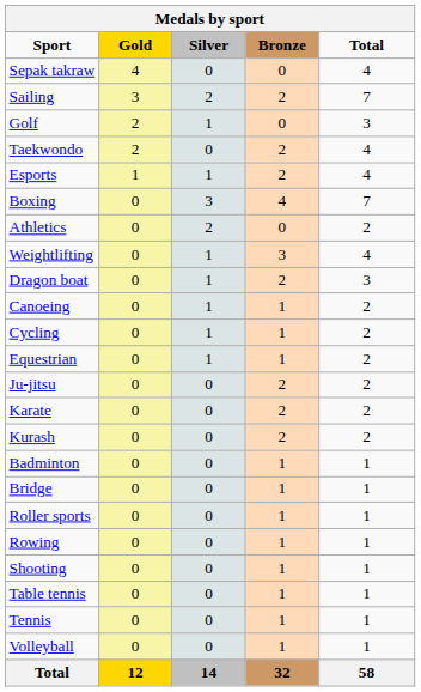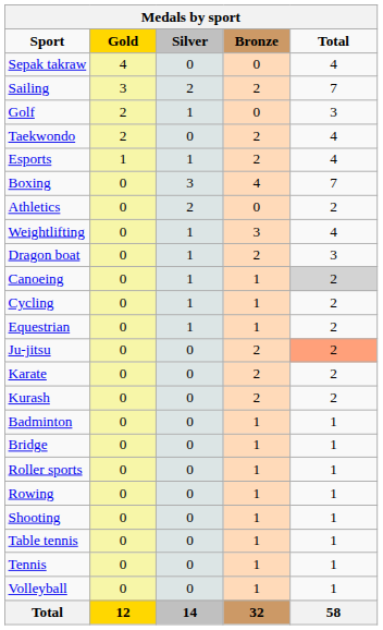 <table class="wikitable" style="font-size:90%; text-align:center;">
 <tr style="background:#efefef;">
 <th colspan=5>Medals by sport</th>
 </tr>
 <tr>
 <td><strong>Sport</strong></td>
 <td width=60 style="background:gold;"><strong>Gold </strong></td>
 <td width=60 style="background:silver;"><strong>Silver </strong></td>
 <td width=60 style="background:#c96;"><strong>Bronze </strong></td>
 <td width=80><strong>Total</strong></td>
 </tr>
 <tr>
 <td align=left> <a href='#'>Sepak takraw</a></td>
 <td style="background:#F7F6A8;">4</td>
 <td style="background:#DCE5E5;">0</td>
 <td style="background:#FFDAB9;">0</td>
 <td>4</td>
 </tr>
 <tr>
 <td align=left> <a href='#'>Sailing</a></td>
 <td style="background:#F7F6A8;">3</td>
 <td style="background:#DCE5E5;">2</td>
 <td style="background:#FFDAB9;">2</td>
 <td>7</td>
 </tr>
 <tr>
 <td align=left> <a href='#'>Golf</a></td>
 <td style="background:#F7F6A8;">2</td>
 <td style="background:#DCE5E5;">1</td>
 <td style="background:#FFDAB9;">0</td>
 <td>3</td>
 </tr>
 <tr>
 <td align=left> <a href='#'>Taekwondo</a></td>
 <td style="background:#F7F6A8;">2</td>
 <td style="background:#DCE5E5;">0</td>
 <td style="background:#FFDAB9;">2</td>
 <td>4</td>
 </tr>
 <tr>
 <td align=left> <a href='#'>Esports</a></td>
 <td style="background:#F7F6A8;">1</td>
 <td style="background:#DCE5E5;">1</td>
 <td style="background:#FFDAB9;">2</td>
 <td>4</td>
 </tr>
 <tr>
 <td align=left> <a href='#'>Boxing</a></td>
 <td style="background:#F7F6A8;">0</td>
 <td style="background:#DCE5E5;">3</td>
 <td style="background:#FFDAB9;">4</td>
 <td>7</td>
 </tr>
 <tr>
 <td align=left> <a href='#'>Athletics</a></td>
 <td style="background:#F7F6A8;">0</td>
 <td style="background:#DCE5E5;">2</td>
 <td style="background:#FFDAB9;">0</td>
 <td>2</td>
 </tr>
 <tr>
 <td align=left> <a href='#'>Weightlifting</a></td>
 <td style="background:#F7F6A8;">0</td>
 <td style="background:#DCE5E5;">1</td>
 <td style="background:#FFDAB9;">3</td>
 <td>4</td>
 </tr>
 <tr>
 <td align=left> <a href='#'>Dragon boat</a></td>
 <td style="background:#F7F6A8;">0</td>
 <td style="background:#DCE5E5;">1</td>
 <td style="background:#FFDAB9;">2</td>
 <td>3</td>
 </tr>
 <tr>
 <td align=left> <a href='#'>Canoeing</a></td>
 <td style="background:#F7F6A8;">0</td>
 <td style="background:#DCE5E5;">1</td>
 <td style="background:#FFDAB9;">1</td>
-<td>2</td>
+<td style="background: lightgrey;">2</td>
 </tr>
 <tr>
 <td align=left> <a href='#'>Cycling</a></td>
 <td style="background:#F7F6A8;">0</td>
 <td style="background:#DCE5E5;">1</td>
 <td style="background:#FFDAB9;">1</td>
 <td>2</td>
 </tr>
 <tr>
 <td align=left> <a href='#'>Equestrian</a></td>
 <td style="background:#F7F6A8;">0</td>
 <td style="background:#DCE5E5;">1</td>
 <td style="background:#FFDAB9;">1</td>
 <td>2</td>
 </tr>
 <tr>
 <td align=left> <a href='#'>Ju-jitsu</a></td>
 <td style="background:#F7F6A8;">0</td>
 <td style="background:#DCE5E5;">0</td>
 <td style="background:#FFDAB9;">2</td>
-<td>2</td>
+<td style="background: lightsalmon;">2</td>
 </tr>
 <tr>
 <td align=left> <a href='#'>Karate</a></td>
 <td style="background:#F7F6A8;">0</td>
 <td style="background:#DCE5E5;">0</td>
 <td style="background:#FFDAB9;">2</td>
 <td>2</td>
 </tr>
 <tr>
 <td align=left> <a href='#'>Kurash</a></td>
 <td style="background:#F7F6A8;">0</td>
 <td style="background:#DCE5E5;">0</td>
 <td style="background:#FFDAB9;">2</td>
 <td>2</td>
 </tr>
 <tr>
 <td align=left> <a href='#'>Badminton</a></td>
 <td style="background:#F7F6A8;">0</td>
 <td style="background:#DCE5E5;">0</td>
 <td style="background:#FFDAB9;">1</td>
 <td>1</td>
 </tr>
 <tr>
 <td align=left> <a href='#'>Bridge</a></td>
 <td style="background:#F7F6A8;">0</td>
 <td style="background:#DCE5E5;">0</td>
 <td style="background:#FFDAB9;">1</td>
 <td>1</td>
 </tr>
 <tr>
 <td align=left> <a href='#'>Roller sports</a></td>
 <td style="background:#F7F6A8;">0</td>
 <td style="background:#DCE5E5;">0</td>
 <td style="background:#FFDAB9;">1</td>
 <td>1</td>
 </tr>
 <tr>
 <td align=left> <a href='#'>Rowing</a></td>
 <td style="background:#F7F6A8;">0</td>
 <td style="background:#DCE5E5;">0</td>
 <td style="background:#FFDAB9;">1</td>
 <td>1</td>
 </tr>
 <tr>
 <td align=left> <a href='#'>Shooting</a></td>
 <td style="background:#F7F6A8;">0</td>
 <td style="background:#DCE5E5;">0</td>
 <td style="background:#FFDAB9;">1</td>
 <td>1</td>
 </tr>
 <tr>
 <td align=left> <a href='#'>Table tennis</a></td>
 <td style="background:#F7F6A8;">0</td>
 <td style="background:#DCE5E5;">0</td>
 <td style="background:#FFDAB9;">1</td>
 <td>1</td>
 </tr>
 <tr>
 <td align=left> <a href='#'>Tennis</a></td>
 <td style="background:#F7F6A8;">0</td>
 <td style="background:#DCE5E5;">0</td>
 <td style="background:#FFDAB9;">1</td>
 <td>1</td>
 </tr>
 <tr>
 <td align=left> <a href='#'>Volleyball</a></td>
 <td style="background:#F7F6A8;">0</td>
 <td style="background:#DCE5E5;">0</td>
 <td style="background:#FFDAB9;">1</td>
 <td>1</td>
 </tr>
 <tr>
 <th>Total</th>
 <th style="background:gold;">12</th>
 <th style="background:silver;">14</th>
 <th style="background:#c96;">32</th>
 <th>58</th>
 </tr>
 </table>
